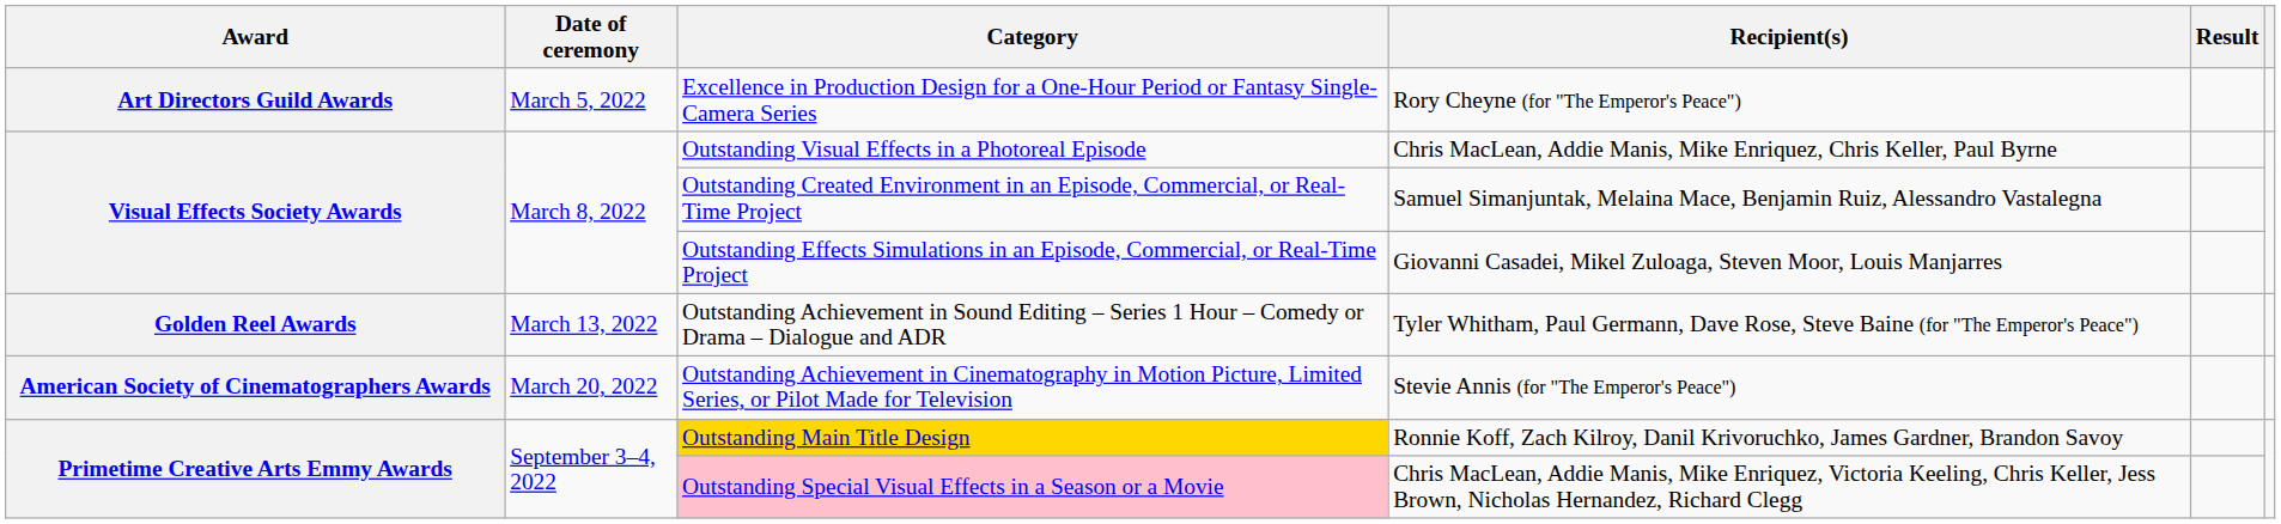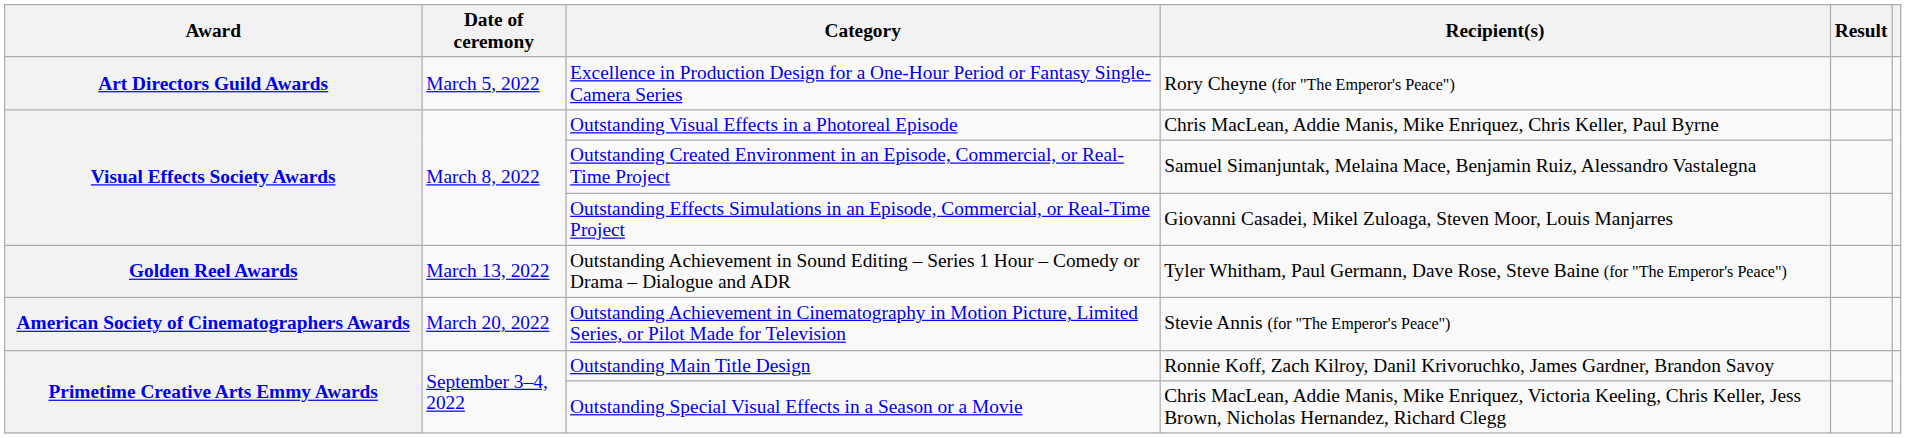 <table class="wikitable sortable plainrowheaders" style="width: 99%">
 <tr>
 <th scope="col" style="width:22%;">Award</th>
 <th scope="col">Date of ceremony</th>
 <th scope="col">Category</th>
 <th scope="col">Recipient(s)</th>
 <th scope="col">Result</th>
 <th scope="col" class="unsortable"></th>
 </tr>
 <tr>
 <th scope="row" style="text-align:center;"><a href='#'>Art Directors Guild Awards</a></th>
 <td><a href='#'>March 5, 2022</a></td>
 <td><a href='#'>Excellence in Production Design for a One-Hour Period or Fantasy Single-Camera Series</a></td>
 <td>Rory Cheyne <small>(for "The Emperor's Peace")</small></td>
 <td></td>
 <td align="center"></td>
 </tr>
 <tr>
 <th rowspan="3" scope="row" style="text-align:center;"><a href='#'>Visual Effects Society Awards</a></th>
 <td rowspan="3"><a href='#'>March 8, 2022</a></td>
 <td><a href='#'>Outstanding Visual Effects in a Photoreal Episode</a></td>
 <td>Chris MacLean, Addie Manis, Mike Enriquez, Chris Keller, Paul Byrne </td>
 <td></td>
 <td rowspan="3" style="text-align:center;"></td>
 </tr>
 <tr>
 <td><a href='#'>Outstanding Created Environment in an Episode, Commercial, or Real-Time Project</a></td>
 <td>Samuel Simanjuntak, Melaina Mace, Benjamin Ruiz, Alessandro Vastalegna </td>
 <td></td>
 </tr>
 <tr>
 <td><a href='#'>Outstanding Effects Simulations in an Episode, Commercial, or Real-Time Project</a></td>
 <td>Giovanni Casadei, Mikel Zuloaga, Steven Moor, Louis Manjarres </td>
 <td></td>
 </tr>
 <tr>
 <th scope="row" style="text-align:center;"><a href='#'>Golden Reel Awards</a></th>
 <td><a href='#'>March 13, 2022</a></td>
 <td>Outstanding Achievement in Sound Editing – Series 1 Hour – Comedy or Drama – Dialogue and ADR</td>
 <td>Tyler Whitham, Paul Germann, Dave Rose, Steve Baine <small>(for "The Emperor's Peace")</small></td>
 <td></td>
 <td align="center"></td>
 </tr>
 <tr>
 <th scope="row" style="text-align:center;"><a href='#'>American Society of Cinematographers Awards</a></th>
 <td><a href='#'>March 20, 2022</a></td>
 <td><a href='#'>Outstanding Achievement in Cinematography in Motion Picture, Limited Series, or Pilot Made for Television</a></td>
 <td>Stevie Annis <small>(for "The Emperor's Peace")</small></td>
 <td></td>
 <td align="center"></td>
 </tr>
 <tr>
 <th rowspan="2" scope="row" style="text-align:center;"><a href='#'>Primetime Creative Arts Emmy Awards</a></th>
 <td rowspan="2"><a href='#'>September 3–4, 2022</a></td>
-<td style="background: gold;"><a href='#'>Outstanding Main Title Design</a></td>
+<td><a href='#'>Outstanding Main Title Design</a></td>
 <td>Ronnie Koff, Zach Kilroy, Danil Krivoruchko, James Gardner, Brandon Savoy</td>
 <td></td>
 <td rowspan="2" align="center"></td>
 </tr>
 <tr>
-<td style="background: pink;"><a href='#'>Outstanding Special Visual Effects in a Season or a Movie</a></td>
+<td><a href='#'>Outstanding Special Visual Effects in a Season or a Movie</a></td>
 <td>Chris MacLean, Addie Manis, Mike Enriquez, Victoria Keeling, Chris Keller, Jess Brown, Nicholas Hernandez, Richard Clegg</td>
 <td></td>
 </tr>
 </table>
